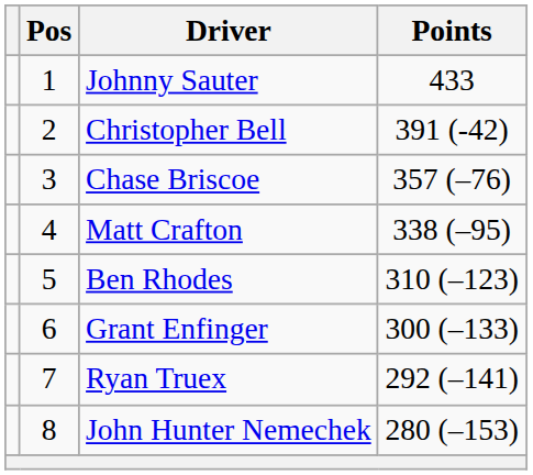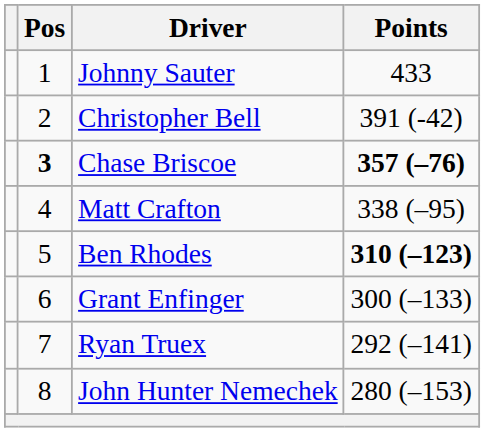 <table class="wikitable" style="font-size: 95%;">
 <tr>
 <th></th>
 <th>Pos</th>
 <th>Driver</th>
 <th>Points</th>
 </tr>
 <tr>
 <td align="left"></td>
 <td style="text-align:center;">1</td>
 <td><a href='#'>Johnny Sauter</a></td>
 <td style="text-align:center;">433</td>
 </tr>
 <tr>
 <td align="left"></td>
 <td style="text-align:center;">2</td>
 <td><a href='#'>Christopher Bell</a></td>
 <td style="text-align:center;">391 (-42)</td>
 </tr>
 <tr>
 <td align="left"></td>
-<td style="text-align:center;">3</td>
+<td style="text-align:center;"><strong>3</strong></td>
 <td><a href='#'>Chase Briscoe</a></td>
-<td style="text-align:center;">357 (–76)</td>
+<td style="text-align:center;"><strong>357 (–76)</strong></td>
 </tr>
 <tr>
 <td align="left"></td>
 <td style="text-align:center;">4</td>
 <td><a href='#'>Matt Crafton</a></td>
 <td style="text-align:center;">338 (–95)</td>
 </tr>
 <tr>
 <td align="left"></td>
 <td style="text-align:center;">5</td>
 <td><a href='#'>Ben Rhodes</a></td>
-<td style="text-align:center;">310 (–123)</td>
+<td style="text-align:center;"><strong>310 (–123)</strong></td>
 </tr>
 <tr>
 <td align="left"></td>
 <td style="text-align:center;">6</td>
 <td><a href='#'>Grant Enfinger</a></td>
 <td style="text-align:center;">300 (–133)</td>
 </tr>
 <tr>
 <td align="left"></td>
 <td style="text-align:center;">7</td>
 <td><a href='#'>Ryan Truex</a></td>
 <td style="text-align:center;">292 (–141)</td>
 </tr>
 <tr>
 <td align="left"></td>
 <td style="text-align:center;">8</td>
 <td><a href='#'>John Hunter Nemechek</a></td>
 <td style="text-align:center;">280 (–153)</td>
 </tr>
 <tr class="sortbottom">
 <th colspan="9"></th>
 </tr>
 </table>
